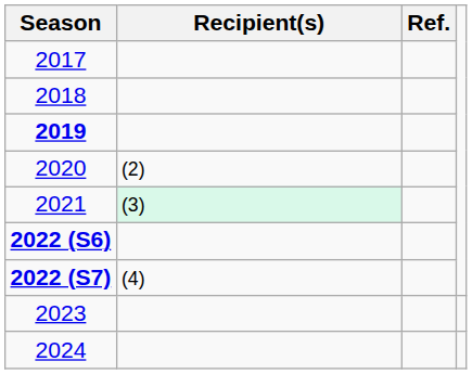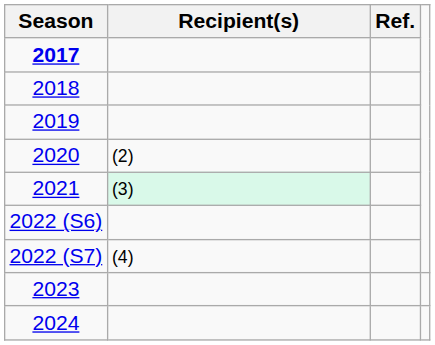 <table class="wikitable sortable" style=text-align:center>
 <tr>
 <th>Season</th>
 <th style=width:12em>Recipient(s)</th>
 <th class=unsortable>Ref.</th>
 </tr>
 <tr>
-<td><a href='#'>2017</a></td>
+<td><strong><a href='#'>2017</a></strong></td>
 <td style="text-align:left"></td>
 <td></td>
 </tr>
 <tr>
 <td><a href='#'>2018</a></td>
 <td style="text-align:left"><strong></strong></td>
 <td></td>
 </tr>
 <tr>
-<td><strong><a href='#'>2019</a></strong></td>
+<td><a href='#'>2019</a></td>
 <td style="text-align:left"><strong></strong></td>
 <td></td>
 </tr>
 <tr>
 <td><a href='#'>2020</a></td>
 <td style="text-align:left"><strong></strong> <small>(2)</small></td>
 <td></td>
 </tr>
 <tr>
 <td><a href='#'>2021</a></td>
 <td style="text-align:left; background:#D9F9E9"><strong></strong> <small>(3)</small></td>
 <td></td>
 </tr>
 <tr>
-<td><strong><a href='#'>2022 (S6)</a></strong></td>
+<td><a href='#'>2022 (S6)</a></td>
 <td style="text-align:left"><strong></strong></td>
 <td></td>
 </tr>
 <tr>
-<td><strong><a href='#'>2022 (S7)</a></strong></td>
+<td><a href='#'>2022 (S7)</a></td>
 <td style="text-align:left"><strong></strong> <small>(4)</small></td>
 <td></td>
 </tr>
 <tr>
 <td><a href='#'>2023</a></td>
 <td style="text-align:left"><strong></strong></td>
 <td></td>
 <td></td>
 </tr>
 <tr>
 <td><a href='#'>2024</a></td>
 <td style="text-align:left"><strong></strong></td>
 <td></td>
 <td></td>
 </tr>
 </table>
